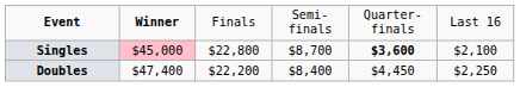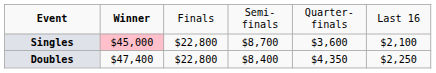 <table class=wikitable style="font-size:90%;text-align:center">
 <tr>
 <td style="width:104px;"><strong>Event</strong></td>
 <td style="width:68px;"><strong>Winner</strong></td>
 <td style="width:68px;">Finals</td>
 <td style="width:68px;">Semi-finals</td>
 <td style="width:80px;">Quarter-finals</td>
 <td style="width:68px;">Last 16</td>
 </tr>
 <tr>
 <td style="background:#dfe2e9;"><strong>Singles</strong></td>
 <td style="background: pink;">$45,000</td>
 <td>$22,800</td>
 <td>$8,700</td>
-<td><strong>$3,600</strong></td>
+<td>$3,600</td>
 <td>$2,100</td>
 </tr>
 <tr>
 <td style="background:#dfe2e9;"><strong>Doubles</strong></td>
 <td>$47,400</td>
-<td>$22,200</td>
+<td>$22,800</td>
 <td>$8,400</td>
-<td>$4,450</td>
+<td>$4,350</td>
 <td>$2,250</td>
 </tr>
 </table>
